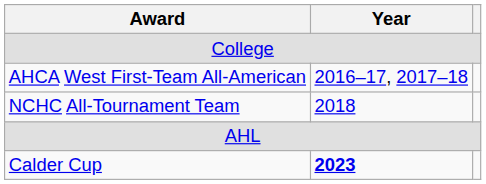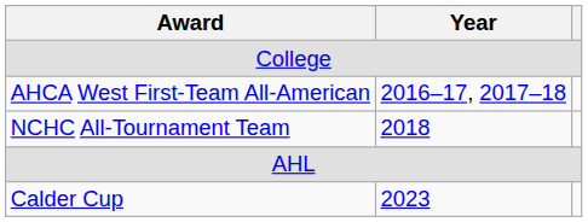 <table class="wikitable">
 <tr>
 <th>Award</th>
 <th>Year</th>
 <th></th>
 </tr>
 <tr ALIGN="center" bgcolor="#e0e0e0">
 <td colspan="3"><a href='#'>College</a></td>
 </tr>
 <tr>
 <td><a href='#'>AHCA</a> <a href='#'>West First-Team All-American</a></td>
 <td><a href='#'>2016–17</a>, <a href='#'>2017–18</a></td>
 <td></td>
 </tr>
 <tr>
 <td><a href='#'>NCHC</a> <a href='#'>All-Tournament Team</a></td>
 <td><a href='#'>2018</a></td>
 <td></td>
 </tr>
 <tr ALIGN="center" bgcolor="#e0e0e0">
 <td colspan="4"><a href='#'>AHL</a></td>
 </tr>
 <tr>
 <td><a href='#'>Calder Cup</a></td>
-<td><strong><a href='#'>2023</a></strong></td>
+<td><a href='#'>2023</a></td>
 <td></td>
 </tr>
 </table>
